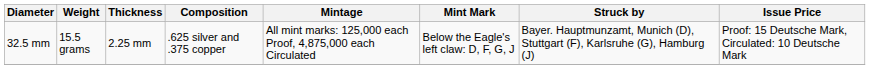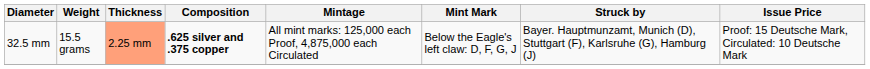 <table class="wikitable">
 <tr>
 <th>Diameter</th>
 <th>Weight</th>
 <th>Thickness</th>
 <th>Composition</th>
 <th>Mintage</th>
 <th>Mint Mark</th>
 <th>Struck by</th>
 <th>Issue Price</th>
 </tr>
 <tr>
 <td>32.5 mm</td>
 <td>15.5 grams</td>
-<td>2.25 mm</td>
-<td>.625 silver and .375 copper</td>
+<td style="background: lightsalmon;">2.25 mm</td>
+<td><strong>.625 silver and .375 copper</strong></td>
 <td>All mint marks: 125,000 each Proof, 4,875,000 each Circulated</td>
 <td>Below the Eagle's left claw: D, F, G, J</td>
 <td>Bayer. Hauptmunzamt, Munich (D), Stuttgart (F), Karlsruhe (G), Hamburg (J)</td>
 <td>Proof: 15 Deutsche Mark, Circulated: 10 Deutsche Mark</td>
 </tr>
 <tr>
 </tr>
 </table>
